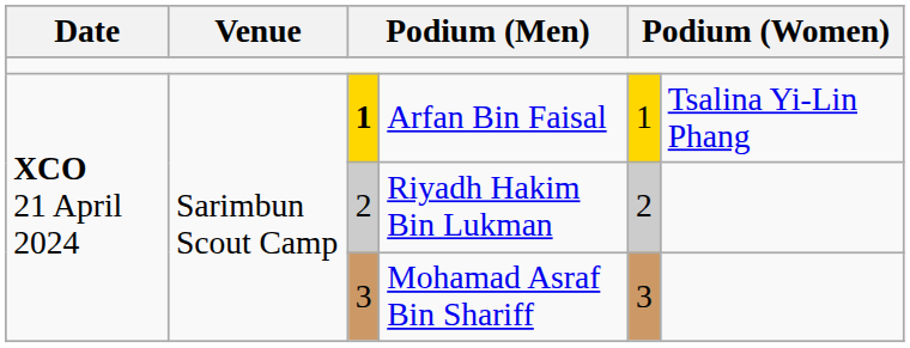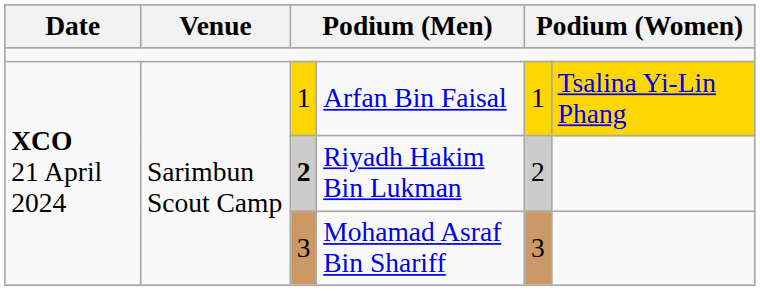 <table class="wikitable" width=70%>
 <tr>
 <th>Date</th>
 <th width=20%>Venue</th>
 <th colspan=2 width=30%>Podium (Men)</th>
 <th colspan=2 width=30%>Podium (Women)</th>
 </tr>
 <tr>
 <td colspan=6></td>
 </tr>
 <tr>
 <td rowspan=3><strong>XCO</strong> <br> 21 April 2024</td>
 <td rowspan=3><br>Sarimbun Scout Camp</td>
-<td bgcolor=FFD700><strong>1</strong></td>
+<td bgcolor=FFD700>1</td>
 <td><a href='#'>Arfan Bin Faisal</a></td>
 <td bgcolor=FFD700>1</td>
-<td><a href='#'>Tsalina Yi-Lin Phang</a></td>
+<td style="background: gold;"><a href='#'>Tsalina Yi-Lin Phang</a></td>
 </tr>
 <tr>
-<td bgcolor=CCCCCC>2</td>
+<td bgcolor=CCCCCC><strong>2</strong></td>
 <td><a href='#'>Riyadh Hakim Bin Lukman</a></td>
 <td bgcolor=CCCCCC>2</td>
 <td></td>
 </tr>
 <tr>
 <td bgcolor=CC9966>3</td>
 <td><a href='#'>Mohamad Asraf Bin Shariff</a></td>
 <td bgcolor=CC9966>3</td>
 <td></td>
 </tr>
 </table>
